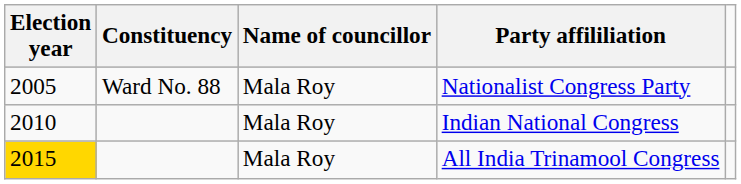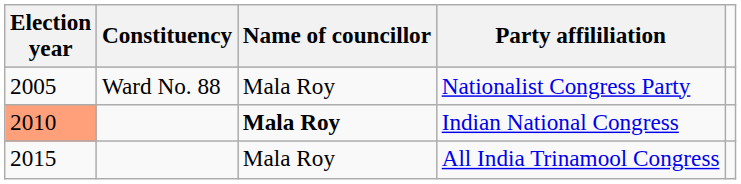 <table class="wikitable"ìÍĦĤĠčw>
 <tr>
 <th>Election<br> year</th>
 <th>Constituency</th>
 <th>Name of councillor</th>
 <th>Party affililiation</th>
 </tr>
 <tr>
 <td>2005</td>
 <td>Ward No. 88</td>
 <td>Mala Roy</td>
 <td><a href='#'>Nationalist Congress Party</a></td>
 <td></td>
 </tr>
 <tr>
-<td>2010</td>
+<td style="background: lightsalmon;">2010</td>
 <td></td>
-<td>Mala Roy</td>
+<td><strong>Mala Roy</strong></td>
 <td><a href='#'>Indian National Congress</a></td>
 <td></td>
 </tr>
 <tr>
-<td style="background: gold;">2015</td>
+<td>2015</td>
 <td></td>
 <td>Mala Roy</td>
 <td><a href='#'>All India Trinamool Congress</a></td>
 <td></td>
 </tr>
 </table>
